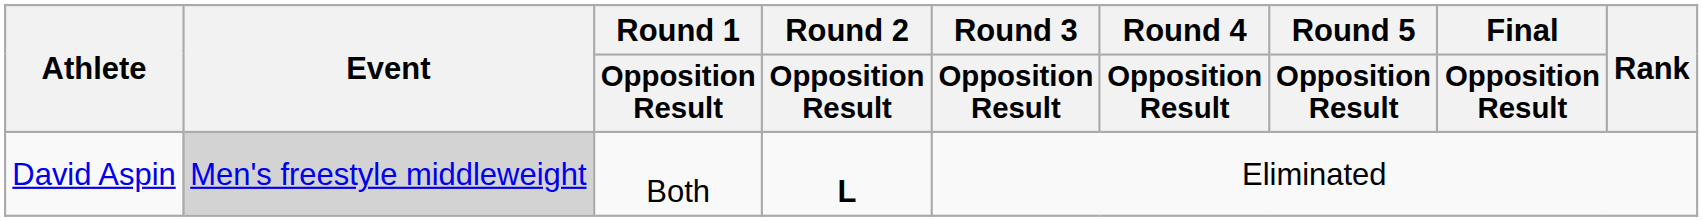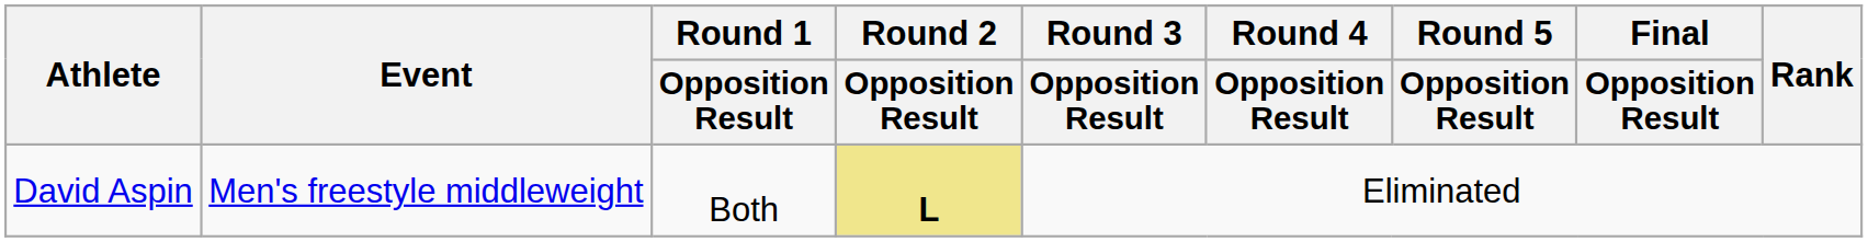 <table class="wikitable" style="font-size:90%;text-align:center;">
 <tr>
 <th rowspan=2>Athlete</th>
 <th rowspan=2>Event</th>
 <th>Round 1</th>
 <th>Round 2</th>
 <th>Round 3</th>
 <th>Round 4</th>
 <th>Round 5</th>
 <th>Final</th>
 <th rowspan=2>Rank</th>
 </tr>
 <tr style="font-size:95%">
 <th>Opposition<br>Result</th>
 <th>Opposition<br>Result</th>
 <th>Opposition<br>Result</th>
 <th>Opposition<br>Result</th>
 <th>Opposition<br>Result</th>
 <th>Opposition<br>Result</th>
 </tr>
 <tr>
 <td style="text-align:left;"><a href='#'>David Aspin</a></td>
-<td style="background: lightgrey; text-align:left;"><a href='#'>Men's freestyle middleweight</a></td>
+<td style="text-align:left;"><a href='#'>Men's freestyle middleweight</a></td>
 <td><br>Both </td>
-<td><br><strong>L</strong></td>
+<td style="background: khaki;"><br><strong>L</strong></td>
 <td colspan=5>Eliminated</td>
 </tr>
 </table>
